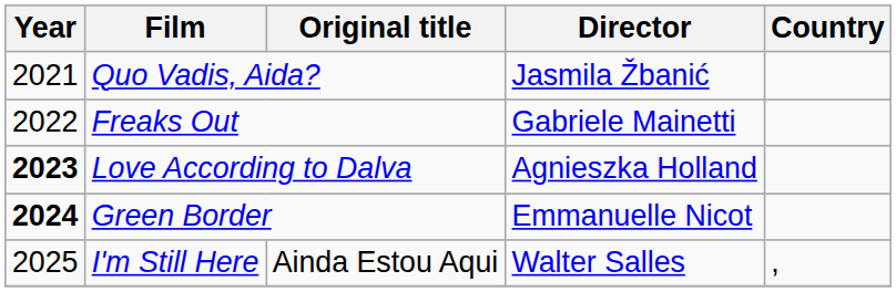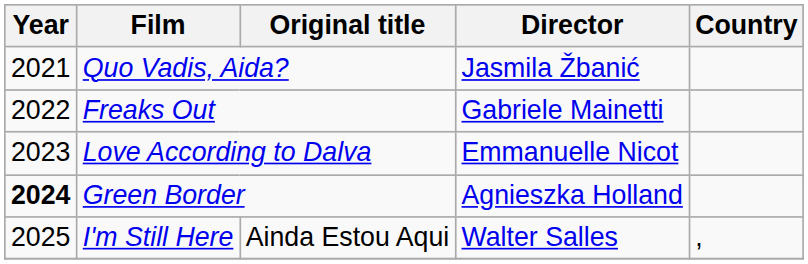 <table class="wikitable sortable">
 <tr>
 <th>Year</th>
 <th>Film</th>
 <th>Original title</th>
 <th>Director</th>
 <th>Country</th>
 </tr>
 <tr>
 <td rowspan="1">2021</td>
 <td colspan=2><em><a href='#'>Quo Vadis, Aida?</a></em></td>
 <td><a href='#'>Jasmila Žbanić</a></td>
 <td></td>
 </tr>
 <tr>
 <td rowspan="1">2022</td>
 <td colspan=2><em><a href='#'>Freaks Out</a></em></td>
 <td><a href='#'>Gabriele Mainetti</a></td>
 <td></td>
 </tr>
 <tr>
-<td rowspan="1"><strong>2023</strong></td>
+<td rowspan="1">2023</td>
 <td colspan=2><em><a href='#'>Love According to Dalva</a></em></td>
-<td><a href='#'>Agnieszka Holland</a></td>
+<td><a href='#'>Emmanuelle Nicot</a></td>
 <td></td>
 </tr>
 <tr>
 <td rowspan="1"><strong>2024</strong></td>
 <td colspan=2><em><a href='#'>Green Border</a></em></td>
-<td><a href='#'>Emmanuelle Nicot</a></td>
+<td><a href='#'>Agnieszka Holland</a></td>
 <td></td>
 </tr>
 <tr>
 <td rowspan="1">2025</td>
 <td><em><a href='#'>I'm Still Here</a></em></td>
 <td>Ainda Estou Aqui</td>
 <td><a href='#'>Walter Salles</a></td>
 <td>, </td>
 </tr>
 <tr>
 </tr>
 </table>
